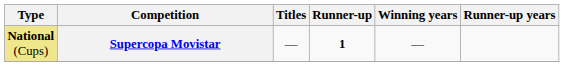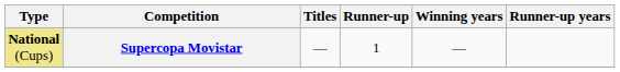 <table class="wikitable plainrowheaders" style="font-size:95%; text-align:center;">
 <tr>
 <th>Type</th>
 <th width=250px>Competition</th>
 <th>Titles</th>
 <th>Runner-up</th>
 <th>Winning years</th>
 <th>Runner-up years</th>
 </tr>
 <tr>
 <td rowspan="1" style="background: khaki;"><strong>National</strong><br>(Cups)</td>
 <th scope="col"><a href='#'>Supercopa Movistar</a></th>
 <td style="text-align:center;">—</td>
-<td><strong>1</strong></td>
+<td>1</td>
 <td style="text-align:center;">—</td>
 <td></td>
 </tr>
 <tr>
 </tr>
 </table>
